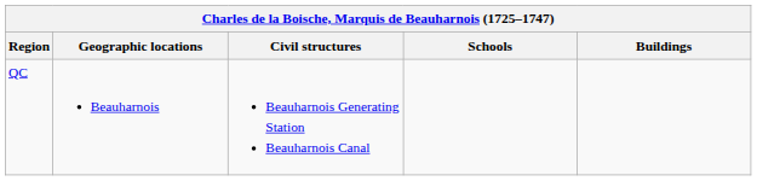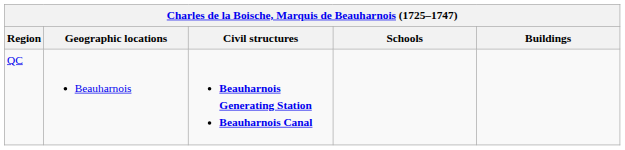 <table class="wikitable" style="font-size:1.00em; line-height:1.5em;">
 <tr>
 <th colspan="5"> <a href='#'>Charles de la Boische, Marquis de Beauharnois</a> (1725–1747)</th>
 </tr>
 <tr>
 <th width="5%">Region</th>
 <th width="23.75%">Geographic locations</th>
 <th width="23.75%">Civil structures</th>
 <th width="23.75%">Schools</th>
 <th width="23.75%">Buildings</th>
 </tr>
 <tr>
 <td align=left valign=top> <a href='#'>QC</a></td>
 <td align=left valign=top><br><ul><li><a href='#'>Beauharnois</a></li></ul></td>
-<td align=left valign=top><br><ul><li><a href='#'>Beauharnois Generating Station</a></li><li><a href='#'>Beauharnois Canal</a></li></ul></td>
+<td align=left valign=top><strong><br><ul><li><a href='#'>Beauharnois Generating Station</a></li><li><a href='#'>Beauharnois Canal</a></li></ul></strong></td>
 <td></td>
 <td></td>
 </tr>
 </table>
